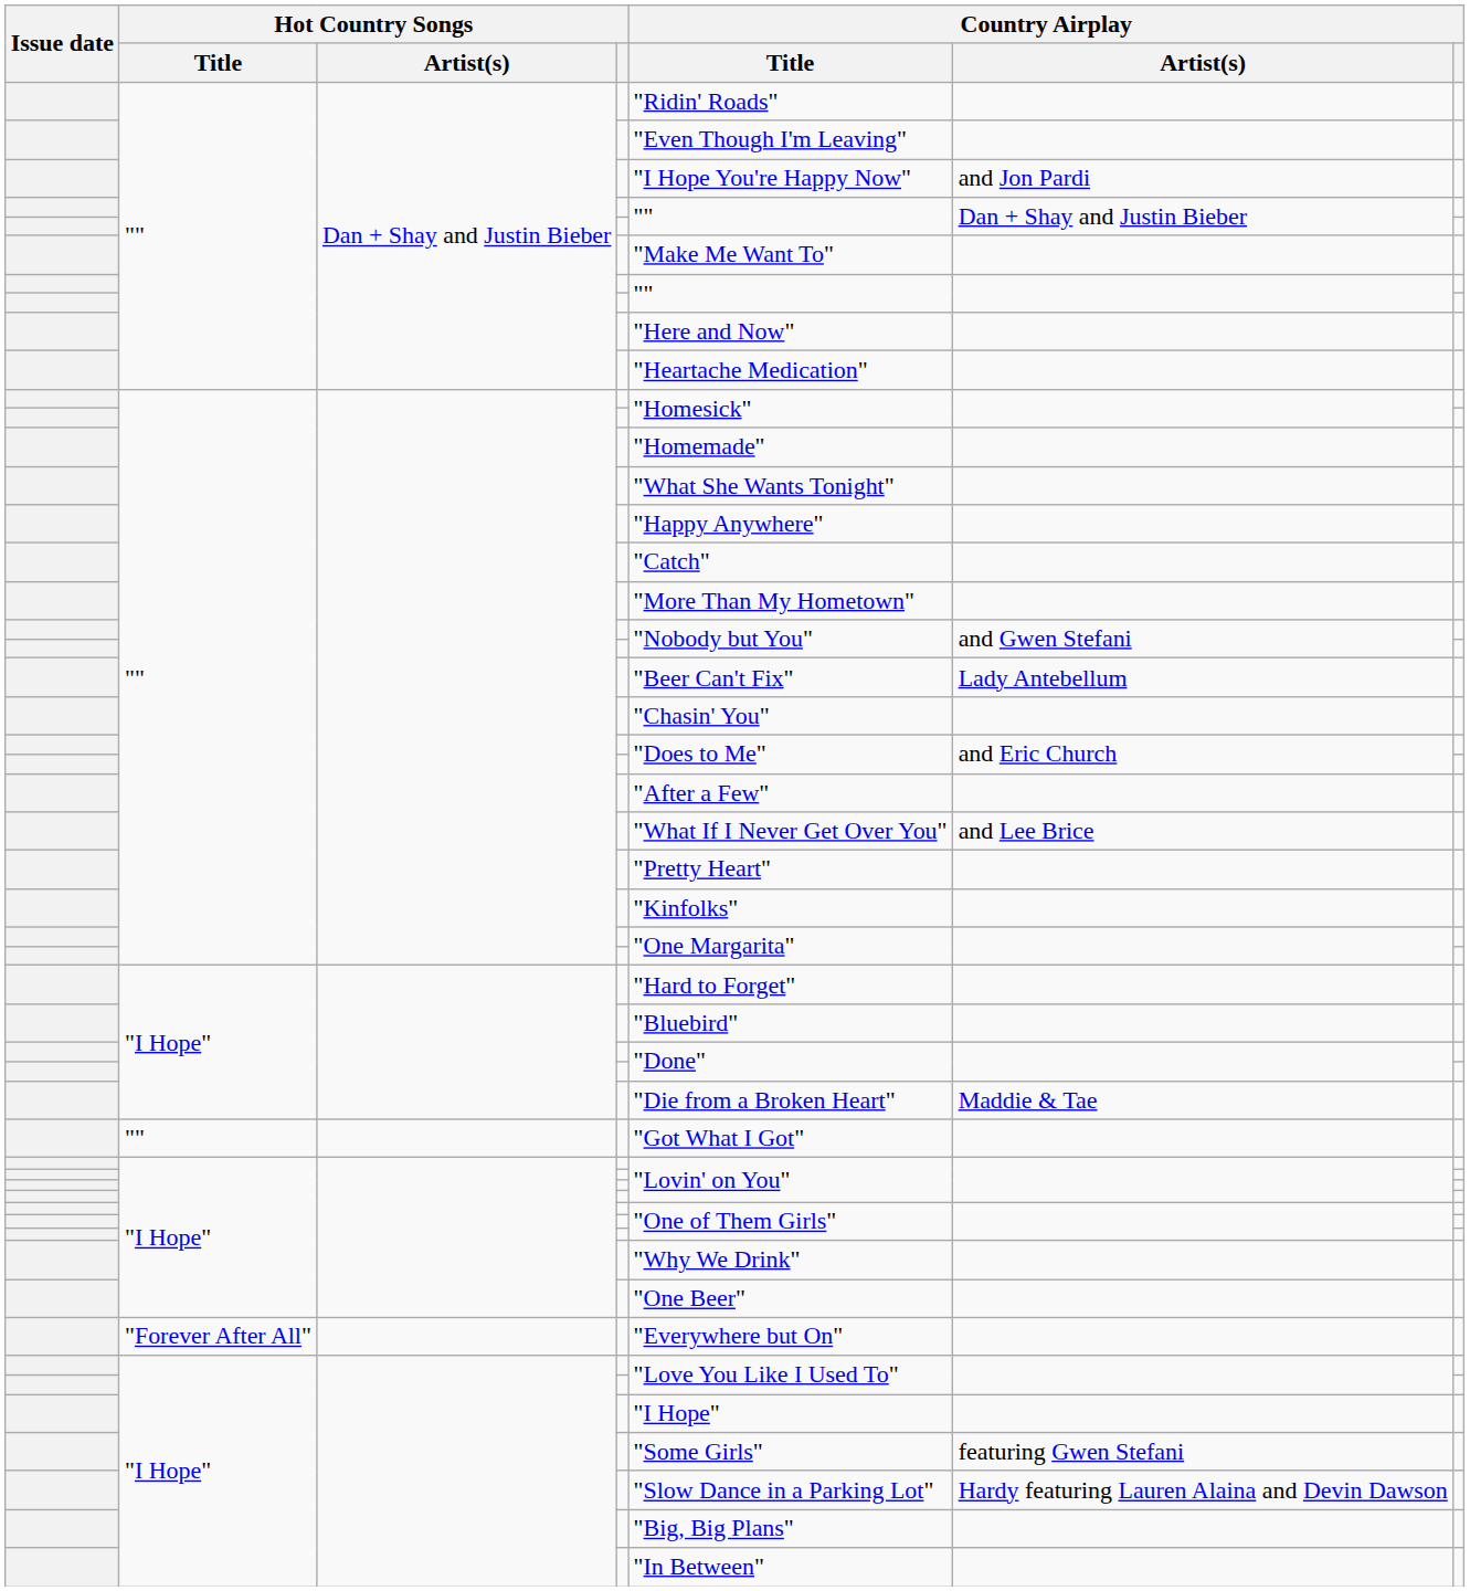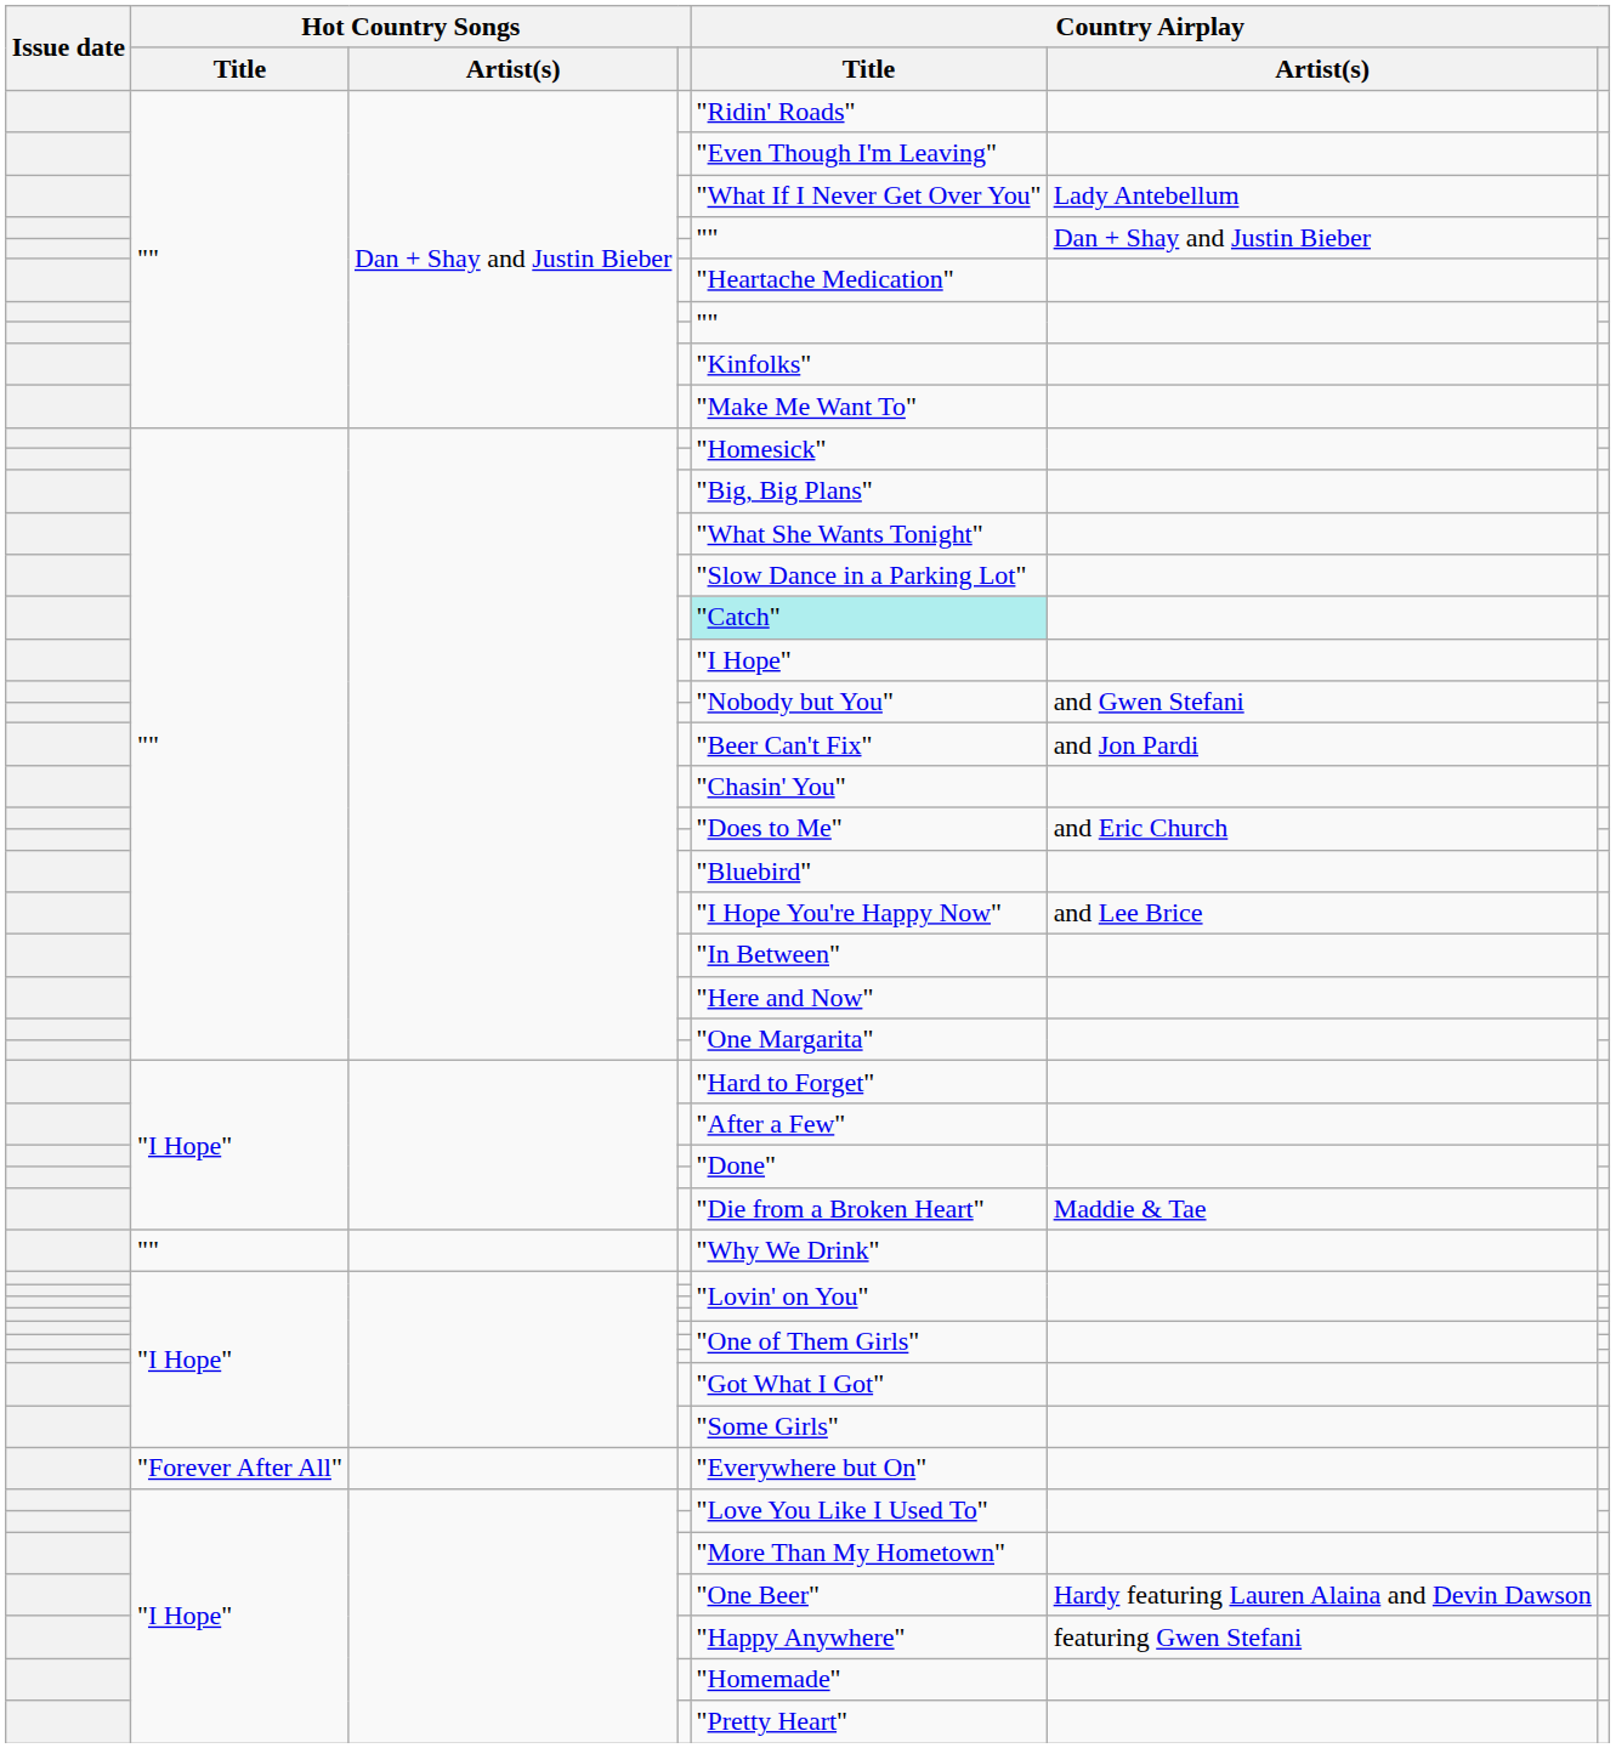 <table class="wikitable sortable plainrowheaders">
 <tr>
 <th scope=col rowspan=2>Issue date</th>
 <th scope=col colspan=3>Hot Country Songs</th>
 <th scope=col colspan=3>Country Airplay</th>
 </tr>
 <tr>
 <th scope=col>Title</th>
 <th scope=col>Artist(s)</th>
 <th scope=col class=unsortable></th>
 <th scope=col>Title</th>
 <th scope=col>Artist(s)</th>
 <th scope=col class=unsortable></th>
 </tr>
 <tr>
 <th scope="row"></th>
 <td rowspan="10">""</td>
 <td rowspan="10"><a href='#'>Dan + Shay</a> and <a href='#'>Justin Bieber</a></td>
 <td align=center></td>
 <td>"<a href='#'>Ridin' Roads</a>"</td>
 <td></td>
 <td align=center></td>
 </tr>
 <tr>
 <th scope="row"></th>
 <td align=center></td>
 <td>"<a href='#'>Even Though I'm Leaving</a>"</td>
 <td></td>
 <td align=center></td>
 </tr>
 <tr>
 <th scope="row"></th>
 <td align=center></td>
-<td>"<a href='#'>I Hope You're Happy Now</a>"</td>
-<td> and <a href='#'>Jon Pardi</a></td>
+<td>"<a href='#'>What If I Never Get Over You</a>"</td>
+<td><a href='#'>Lady Antebellum</a></td>
 <td align=center></td>
 </tr>
 <tr>
 <th scope="row"></th>
 <td align=center></td>
 <td rowspan="2">""</td>
 <td rowspan="2"><a href='#'>Dan + Shay</a> and <a href='#'>Justin Bieber</a></td>
 <td align=center></td>
 </tr>
 <tr>
 <th scope="row"></th>
 <td align=center></td>
 <td align=center></td>
 </tr>
 <tr>
 <th scope="row"></th>
 <td align=center></td>
-<td>"<a href='#'>Make Me Want To</a>"</td>
+<td>"<a href='#'>Heartache Medication</a>"</td>
 <td></td>
 <td align=center></td>
 </tr>
 <tr>
 <th scope="row"></th>
 <td align=center></td>
 <td rowspan="2">""</td>
 <td rowspan="2"></td>
 <td align=center></td>
 </tr>
 <tr>
 <th scope="row"></th>
 <td align=center></td>
 <td align=center></td>
 </tr>
 <tr>
 <th scope="row"></th>
 <td align=center></td>
-<td>"<a href='#'>Here and Now</a>"</td>
+<td>"<a href='#'>Kinfolks</a>"</td>
 <td></td>
 <td align=center></td>
 </tr>
 <tr>
 <th scope="row"></th>
 <td align=center></td>
-<td>"<a href='#'>Heartache Medication</a>"</td>
+<td>"<a href='#'>Make Me Want To</a>"</td>
 <td></td>
 <td align=center></td>
 </tr>
 <tr>
 <th scope="row"></th>
 <td rowspan="19">""</td>
 <td rowspan="19"></td>
 <td align=center></td>
 <td rowspan="2">"<a href='#'>Homesick</a>"</td>
 <td rowspan="2"></td>
 <td align=center></td>
 </tr>
 <tr>
 <th scope="row"></th>
 <td align=center></td>
 <td align=center></td>
 </tr>
 <tr>
 <th scope="row"></th>
 <td align=center></td>
-<td>"<a href='#'>Homemade</a>"</td>
+<td>"<a href='#'>Big, Big Plans</a>"</td>
 <td></td>
 <td align=center></td>
 </tr>
 <tr>
 <th scope="row"></th>
 <td align=center></td>
 <td>"<a href='#'>What She Wants Tonight</a>"</td>
 <td></td>
 <td align=center></td>
 </tr>
 <tr>
 <th scope="row"></th>
 <td align=center></td>
-<td>"<a href='#'>Happy Anywhere</a>"</td>
+<td>"<a href='#'>Slow Dance in a Parking Lot</a>"</td>
 <td></td>
 <td align=center></td>
 </tr>
 <tr>
 <th scope="row"></th>
 <td align=center></td>
-<td>"<a href='#'>Catch</a>"</td>
+<td style="background: paleturquoise;">"<a href='#'>Catch</a>"</td>
 <td></td>
 <td align=center></td>
 </tr>
 <tr>
 <th scope="row"></th>
 <td align=center></td>
-<td>"<a href='#'>More Than My Hometown</a>"</td>
+<td>"<a href='#'>I Hope</a>"</td>
 <td></td>
 <td align=center></td>
 </tr>
 <tr>
 <th scope="row"></th>
 <td align=center></td>
 <td rowspan="2">"<a href='#'>Nobody but You</a>"</td>
 <td rowspan="2"> and <a href='#'>Gwen Stefani</a></td>
 <td align=center></td>
 </tr>
 <tr>
 <th scope="row"></th>
 <td align=center></td>
 <td align=center></td>
 </tr>
 <tr>
 <th scope="row"></th>
 <td align=center></td>
 <td>"<a href='#'>Beer Can't Fix</a>"</td>
-<td><a href='#'>Lady Antebellum</a></td>
+<td> and <a href='#'>Jon Pardi</a></td>
 <td align=center></td>
 </tr>
 <tr>
 <th scope="row"></th>
 <td align=center></td>
 <td>"<a href='#'>Chasin' You</a>"</td>
 <td></td>
 <td align=center></td>
 </tr>
 <tr>
 <th scope="row"></th>
 <td align=center></td>
 <td rowspan="2">"<a href='#'>Does to Me</a>"</td>
 <td rowspan="2"> and <a href='#'>Eric Church</a></td>
 <td align=center></td>
 </tr>
 <tr>
 <th scope="row"></th>
 <td align=center></td>
 <td align=center></td>
 </tr>
 <tr>
 <th scope="row"></th>
 <td align=center></td>
-<td>"<a href='#'>After a Few</a>"</td>
+<td>"<a href='#'>Bluebird</a>"</td>
 <td></td>
 <td align=center></td>
 </tr>
 <tr>
 <th scope="row"></th>
 <td align=center></td>
-<td>"<a href='#'>What If I Never Get Over You</a>"</td>
+<td>"<a href='#'>I Hope You're Happy Now</a>"</td>
 <td> and <a href='#'>Lee Brice</a></td>
 <td align=center></td>
 </tr>
 <tr>
 <th scope="row"></th>
 <td align=center></td>
-<td>"<a href='#'>Pretty Heart</a>"</td>
+<td>"<a href='#'>In Between</a>"</td>
 <td></td>
 <td align=center></td>
 </tr>
 <tr>
 <th scope="row"></th>
 <td align=center></td>
-<td>"<a href='#'>Kinfolks</a>"</td>
+<td>"<a href='#'>Here and Now</a>"</td>
 <td></td>
 <td align=center></td>
 </tr>
 <tr>
 <th scope="row"></th>
 <td align=center></td>
 <td rowspan="2">"<a href='#'>One Margarita</a>"</td>
 <td rowspan="2"></td>
 <td align=center></td>
 </tr>
 <tr>
 <th scope="row"></th>
 <td align=center></td>
 <td align=center></td>
 </tr>
 <tr>
 <th scope="row"></th>
 <td rowspan="5">"<a href='#'>I Hope</a>"</td>
 <td rowspan="5"></td>
 <td align=center></td>
 <td>"<a href='#'>Hard to Forget</a>"</td>
 <td></td>
 <td align=center></td>
 </tr>
 <tr>
 <th scope="row"></th>
 <td align=center></td>
-<td>"<a href='#'>Bluebird</a>"</td>
+<td>"<a href='#'>After a Few</a>"</td>
 <td></td>
 <td align=center></td>
 </tr>
 <tr>
 <th scope="row"></th>
 <td align=center></td>
 <td rowspan="2">"<a href='#'>Done</a>"</td>
 <td rowspan="2"></td>
 <td align=center></td>
 </tr>
 <tr>
 <th scope="row"></th>
 <td align=center></td>
 <td align=center></td>
 </tr>
 <tr>
 <th scope="row"></th>
 <td align=center></td>
 <td>"<a href='#'>Die from a Broken Heart</a>"</td>
 <td><a href='#'>Maddie & Tae</a></td>
 <td align=center></td>
 </tr>
 <tr>
 <th scope="row"></th>
 <td>""</td>
 <td></td>
 <td align=center></td>
-<td>"<a href='#'>Got What I Got</a>"</td>
+<td>"<a href='#'>Why We Drink</a>"</td>
 <td></td>
 <td align=center></td>
 </tr>
 <tr>
 <th scope="row"></th>
 <td rowspan="9">"<a href='#'>I Hope</a>"</td>
 <td rowspan="9"></td>
 <td align=center></td>
 <td rowspan="4">"<a href='#'>Lovin' on You</a>"</td>
 <td rowspan="4"></td>
 <td align=center></td>
 </tr>
 <tr>
 <th scope="row"></th>
 <td align=center></td>
 <td align=center></td>
 </tr>
 <tr>
 <th scope="row"></th>
 <td align=center></td>
 <td align=center></td>
 </tr>
 <tr>
 <th scope="row"></th>
 <td align=center></td>
 <td align=center></td>
 </tr>
 <tr>
 <th scope="row"></th>
 <td align=center></td>
 <td rowspan="3">"<a href='#'>One of Them Girls</a>"</td>
 <td rowspan="3"></td>
 <td align=center></td>
 </tr>
 <tr>
 <th scope="row"></th>
 <td align=center></td>
 <td align=center></td>
 </tr>
 <tr>
 <th scope="row"></th>
 <td align=center></td>
 <td align=center></td>
 </tr>
 <tr>
 <th scope="row"></th>
 <td align=center></td>
-<td>"<a href='#'>Why We Drink</a>"</td>
+<td>"<a href='#'>Got What I Got</a>"</td>
 <td></td>
 <td align=center></td>
 </tr>
 <tr>
 <th scope="row"></th>
 <td align=center></td>
-<td>"<a href='#'>One Beer</a>"</td>
+<td>"<a href='#'>Some Girls</a>"</td>
 <td></td>
 <td align=center></td>
 </tr>
 <tr>
 <th scope="row"></th>
 <td>"<a href='#'>Forever After All</a>"</td>
 <td></td>
 <td align=center></td>
 <td>"<a href='#'>Everywhere but On</a>"</td>
 <td></td>
 <td align=center></td>
 </tr>
 <tr>
 <th scope="row"></th>
 <td rowspan="7">"<a href='#'>I Hope</a>"</td>
 <td rowspan="7"></td>
 <td align=center></td>
 <td rowspan="2">"<a href='#'>Love You Like I Used To</a>"</td>
 <td rowspan="2"></td>
 <td align=center></td>
 </tr>
 <tr>
 <th scope="row"></th>
 <td align=center></td>
 <td align=center></td>
 </tr>
 <tr>
 <th scope="row"></th>
 <td align=center></td>
-<td>"<a href='#'>I Hope</a>"</td>
+<td>"<a href='#'>More Than My Hometown</a>"</td>
 <td></td>
 <td align=center></td>
 </tr>
 <tr>
 <th scope="row"></th>
 <td align=center></td>
-<td>"<a href='#'>Some Girls</a>"</td>
+<td>"<a href='#'>One Beer</a>"</td>
+<td><a href='#'>Hardy</a> featuring <a href='#'>Lauren Alaina</a> and <a href='#'>Devin Dawson</a></td>
+<td align=center></td>
+</tr>
+<tr>
+<th scope="row"></th>
+<td align=center></td>
+<td>"<a href='#'>Happy Anywhere</a>"</td>
 <td> featuring <a href='#'>Gwen Stefani</a></td>
 <td align=center></td>
 </tr>
 <tr>
 <th scope="row"></th>
 <td align=center></td>
-<td>"<a href='#'>Slow Dance in a Parking Lot</a>"</td>
-<td><a href='#'>Hardy</a> featuring <a href='#'>Lauren Alaina</a> and <a href='#'>Devin Dawson</a></td>
-<td align=center></td>
-</tr>
-<tr>
-<th scope="row"></th>
-<td align=center></td>
-<td>"<a href='#'>Big, Big Plans</a>"</td>
+<td>"<a href='#'>Homemade</a>"</td>
 <td></td>
 <td align=center></td>
 </tr>
 <tr>
 <th scope="row"></th>
 <td align=center></td>
-<td>"<a href='#'>In Between</a>"</td>
+<td>"<a href='#'>Pretty Heart</a>"</td>
 <td></td>
 <td align=center></td>
 </tr>
 </table>
